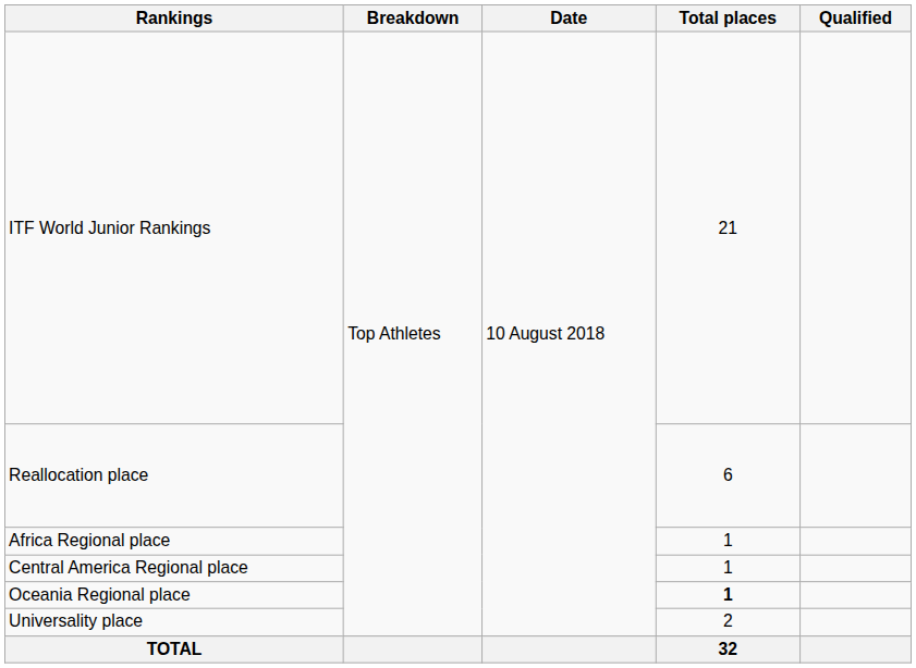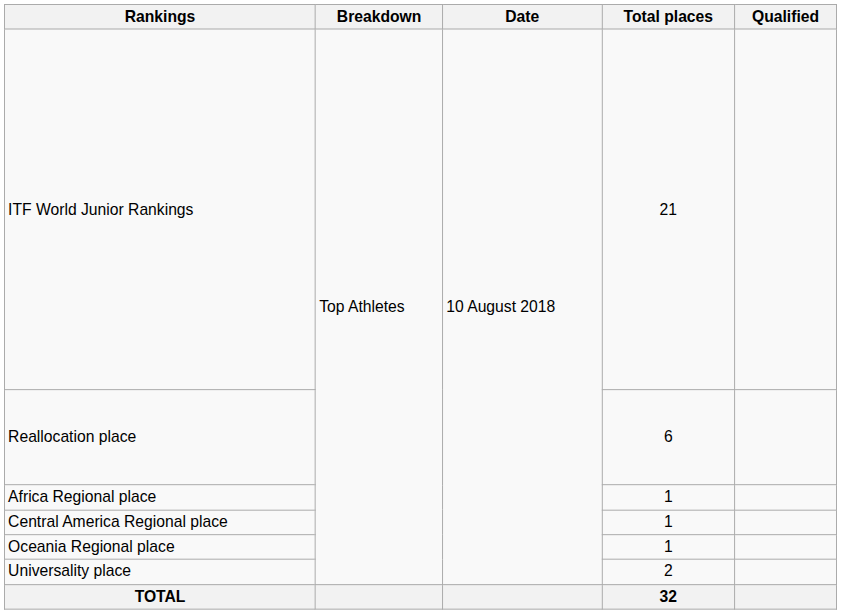 <table class="wikitable" width=850>
 <tr>
 <th>Rankings</th>
 <th>Breakdown</th>
 <th>Date</th>
 <th>Total places</th>
 <th>Qualified</th>
 </tr>
 <tr>
 <td>ITF World Junior Rankings</td>
 <td rowspan="6">Top Athletes</td>
 <td rowspan="6">10 August 2018</td>
 <td align="center">21</td>
 <td><br><br><br><br><br><br><br><br><br><br><br><br><br><br><br><br><br><br><br><br></td>
 </tr>
 <tr>
 <td>Reallocation place</td>
 <td align="center">6</td>
 <td><br><br><br><br><br></td>
 </tr>
 <tr>
 <td>Africa Regional place</td>
 <td align="center">1</td>
 <td></td>
 </tr>
 <tr>
 <td>Central America Regional place</td>
 <td align="center">1</td>
 <td></td>
 </tr>
 <tr>
 <td>Oceania Regional place</td>
-<td align="center"><strong>1</strong></td>
+<td align="center">1</td>
 <td></td>
 </tr>
 <tr>
 <td>Universality place</td>
 <td align="center">2</td>
 <td><br></td>
 </tr>
 <tr>
 <th>TOTAL</th>
 <th></th>
 <th></th>
 <th>32</th>
 <th></th>
 </tr>
 </table>
